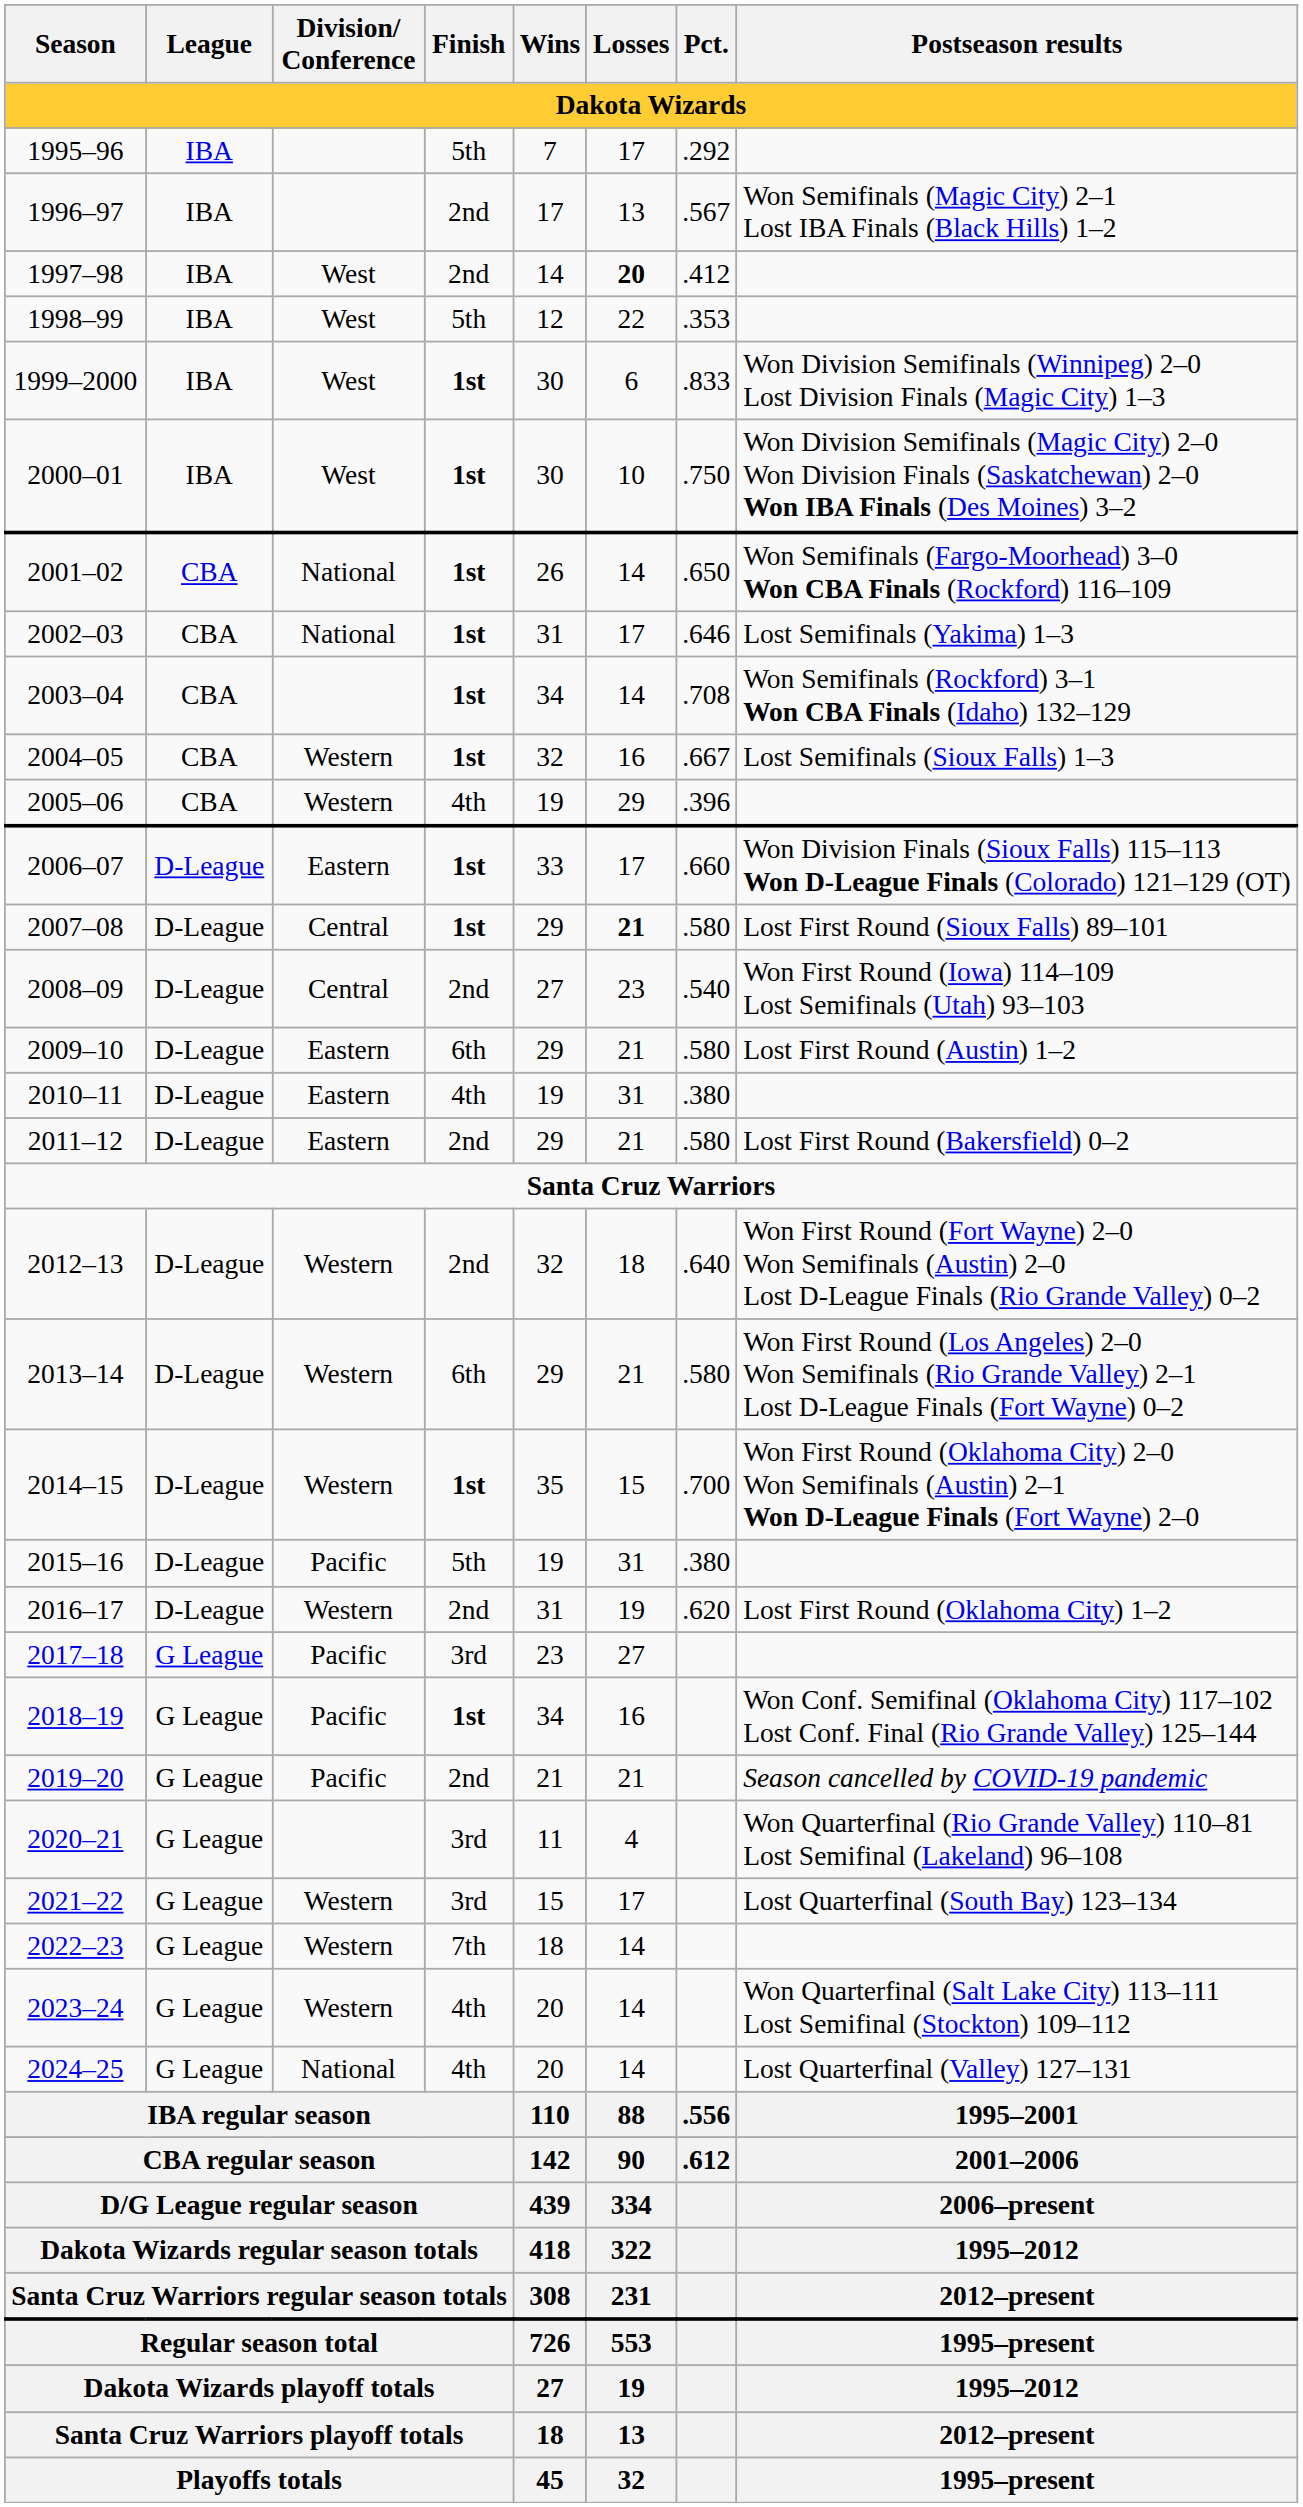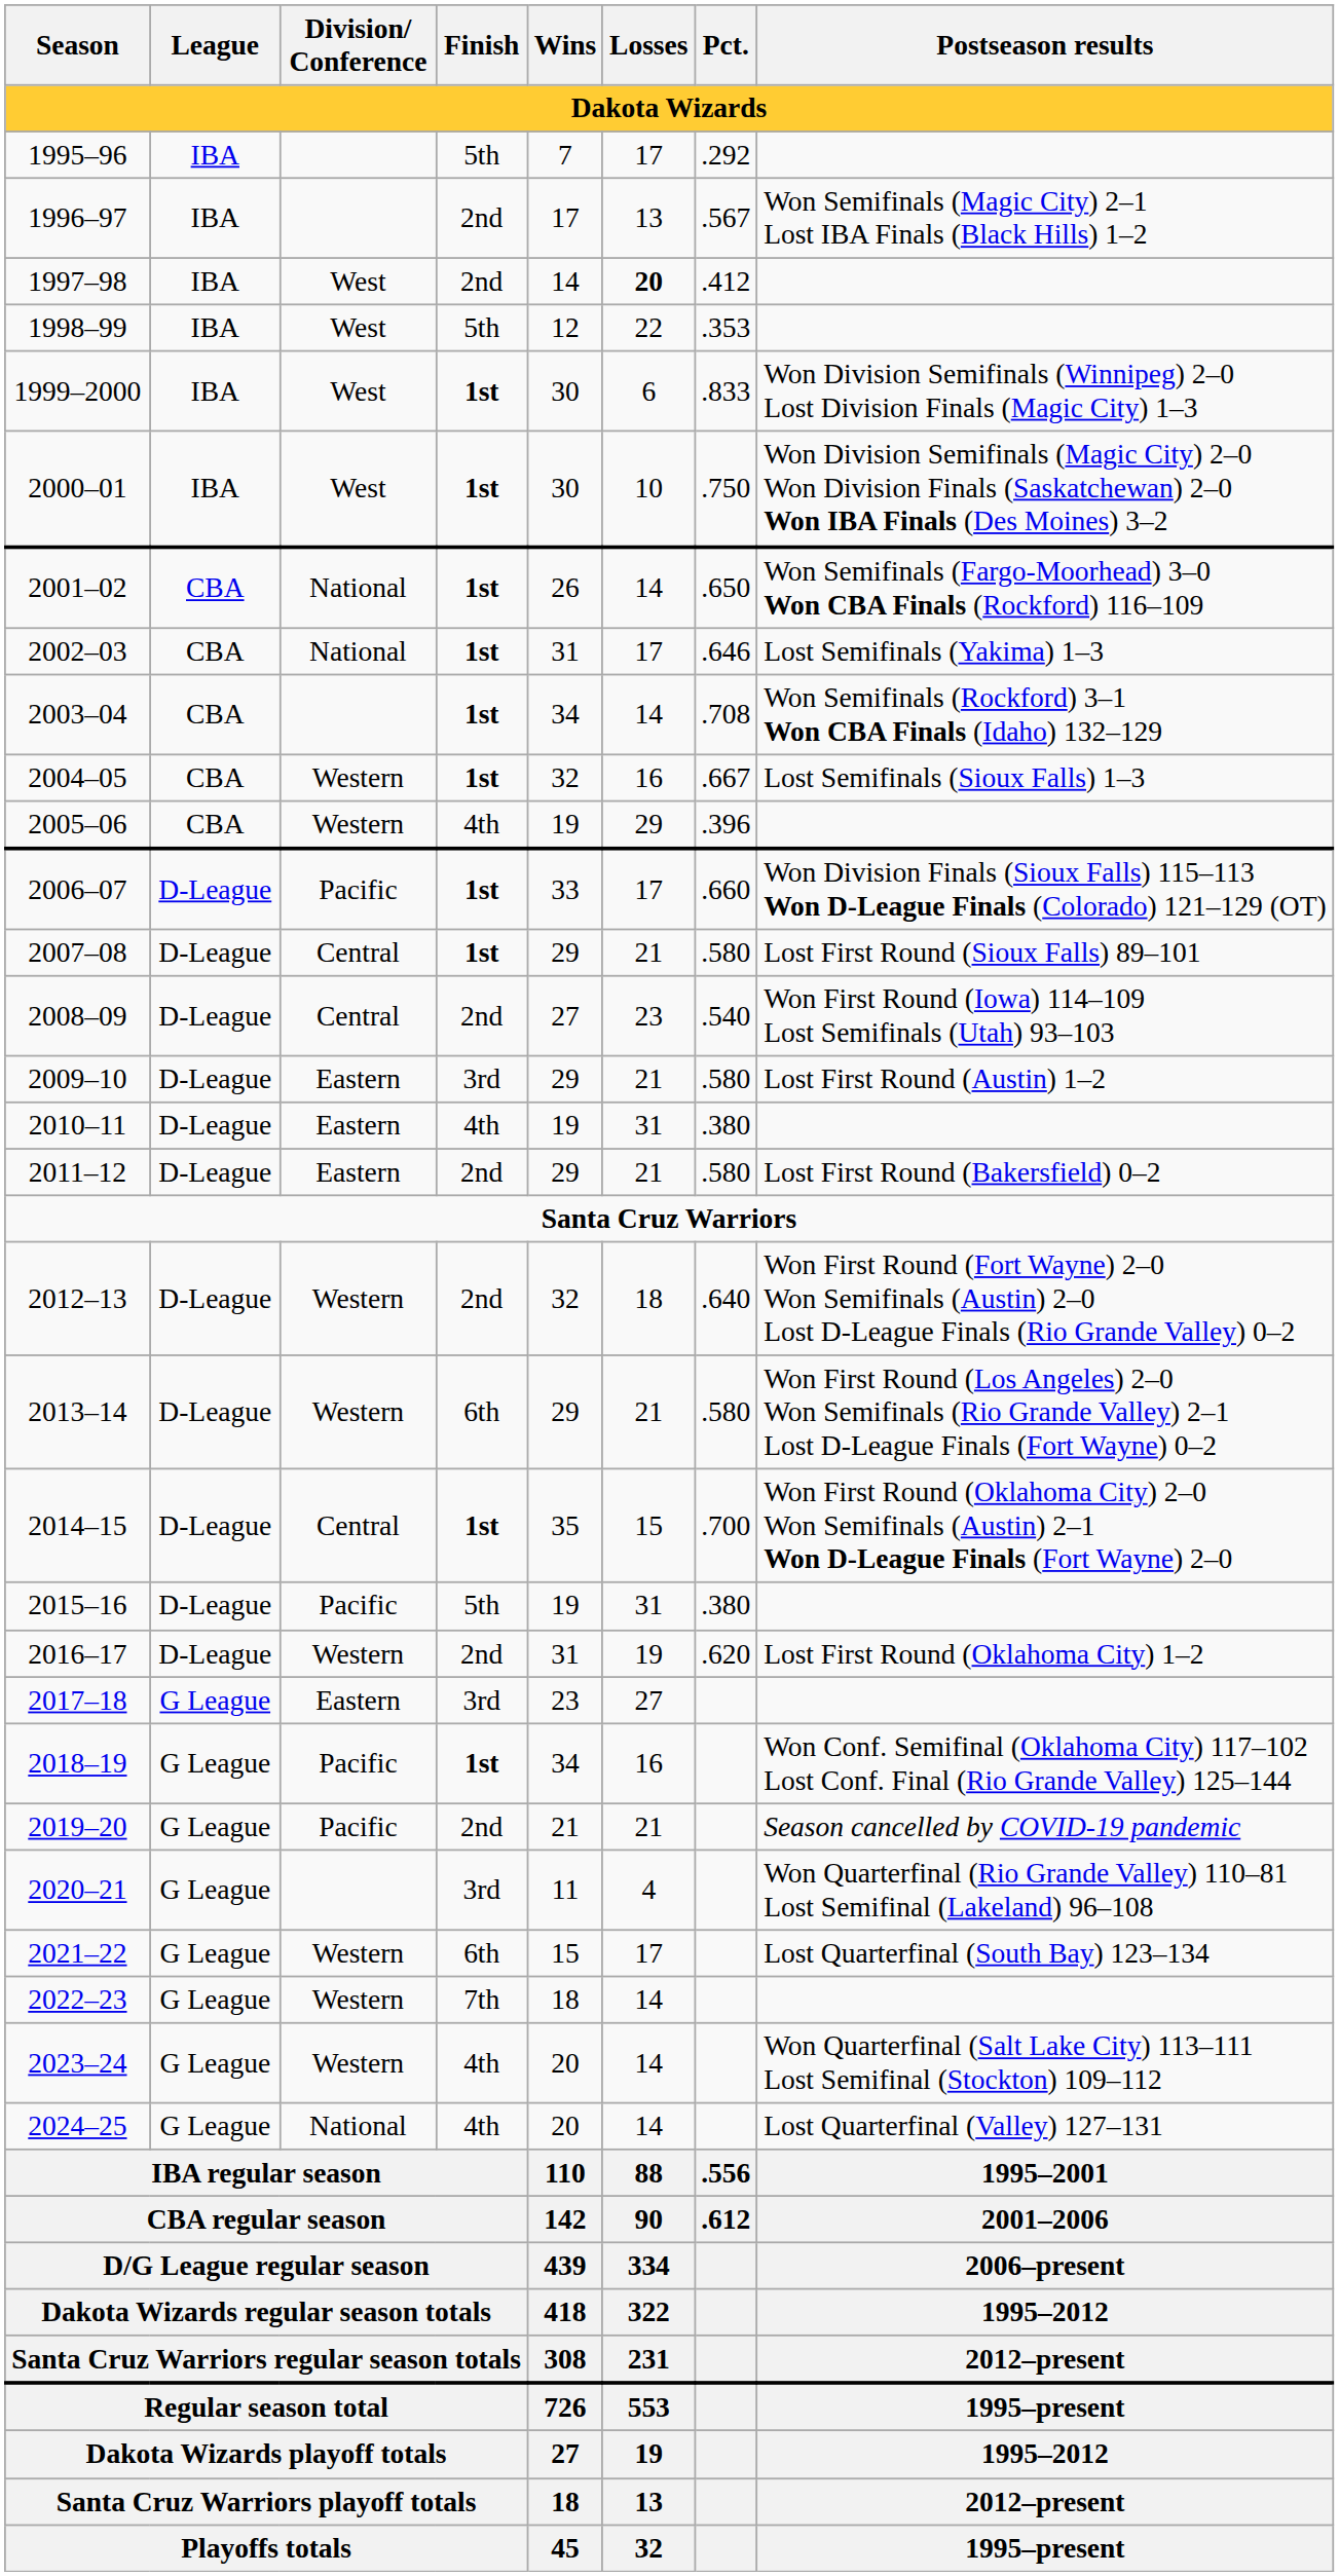 <table class="wikitable" style="font-size:95%; text-align:center">
 <tr>
 <th>Season</th>
 <th>League</th>
 <th>Division/<br>Conference</th>
 <th>Finish</th>
 <th>Wins</th>
 <th>Losses</th>
 <th>Pct.</th>
 <th>Postseason results</th>
 </tr>
 <tr>
 <td colspan=8 bgcolor="#FFCC33"><span><strong>Dakota Wizards</strong></span></td>
 </tr>
 <tr>
 <td>1995–96</td>
 <td><a href='#'>IBA</a></td>
 <td></td>
 <td>5th</td>
 <td>7</td>
 <td>17</td>
 <td>.292</td>
 <td></td>
 </tr>
 <tr>
 <td>1996–97</td>
 <td>IBA</td>
 <td></td>
 <td>2nd</td>
 <td>17</td>
 <td>13</td>
 <td>.567</td>
 <td align=left>Won Semifinals (<a href='#'>Magic City</a>) 2–1<br>Lost IBA Finals (<a href='#'>Black Hills</a>) 1–2</td>
 </tr>
 <tr>
 <td>1997–98</td>
 <td>IBA</td>
 <td>West</td>
 <td>2nd</td>
 <td>14</td>
 <td><strong>20</strong></td>
 <td>.412</td>
 <td></td>
 </tr>
 <tr>
 <td>1998–99</td>
 <td>IBA</td>
 <td>West</td>
 <td>5th</td>
 <td>12</td>
 <td>22</td>
 <td>.353</td>
 <td></td>
 </tr>
 <tr>
 <td>1999–2000</td>
 <td>IBA</td>
 <td>West</td>
 <td><strong>1st</strong></td>
 <td>30</td>
 <td>6</td>
 <td>.833</td>
 <td align=left>Won Division Semifinals (<a href='#'>Winnipeg</a>) 2–0<br>Lost Division Finals (<a href='#'>Magic City</a>) 1–3</td>
 </tr>
 <tr>
 <td>2000–01</td>
 <td>IBA</td>
 <td>West</td>
 <td><strong>1st</strong></td>
 <td>30</td>
 <td>10</td>
 <td>.750</td>
 <td align=left>Won Division Semifinals (<a href='#'>Magic City</a>) 2–0<br>Won Division Finals (<a href='#'>Saskatchewan</a>) 2–0<br><strong>Won IBA Finals</strong> (<a href='#'>Des Moines</a>) 3–2</td>
 </tr>
 <tr style="border-top:2px solid black">
 <td>2001–02</td>
 <td><a href='#'>CBA</a></td>
 <td>National</td>
 <td><strong>1st</strong></td>
 <td>26</td>
 <td>14</td>
 <td>.650</td>
 <td align=left>Won Semifinals (<a href='#'>Fargo-Moorhead</a>) 3–0<br><strong>Won CBA Finals</strong> (<a href='#'>Rockford</a>) 116–109</td>
 </tr>
 <tr>
 <td>2002–03</td>
 <td>CBA</td>
 <td>National</td>
 <td><strong>1st</strong></td>
 <td>31</td>
 <td>17</td>
 <td>.646</td>
 <td align=left>Lost Semifinals (<a href='#'>Yakima</a>) 1–3</td>
 </tr>
 <tr>
 <td>2003–04</td>
 <td>CBA</td>
 <td></td>
 <td><strong>1st</strong></td>
 <td>34</td>
 <td>14</td>
 <td>.708</td>
 <td align=left>Won Semifinals (<a href='#'>Rockford</a>) 3–1<br><strong>Won CBA Finals</strong> (<a href='#'>Idaho</a>) 132–129</td>
 </tr>
 <tr>
 <td>2004–05</td>
 <td>CBA</td>
 <td>Western</td>
 <td><strong>1st</strong></td>
 <td>32</td>
 <td>16</td>
 <td>.667</td>
 <td align=left>Lost Semifinals (<a href='#'>Sioux Falls</a>) 1–3</td>
 </tr>
 <tr>
 <td>2005–06</td>
 <td>CBA</td>
 <td>Western</td>
 <td>4th</td>
 <td>19</td>
 <td>29</td>
 <td>.396</td>
 <td></td>
 </tr>
 <tr style="border-top:2px solid black">
 <td>2006–07</td>
 <td><a href='#'>D-League</a></td>
-<td>Eastern</td>
+<td>Pacific</td>
 <td><strong>1st</strong></td>
 <td>33</td>
 <td>17</td>
 <td>.660</td>
 <td align=left>Won Division Finals (<a href='#'>Sioux Falls</a>) 115–113<br><strong>Won D-League Finals</strong> (<a href='#'>Colorado</a>) 121–129 (OT)</td>
 </tr>
 <tr>
 <td>2007–08</td>
 <td>D-League</td>
 <td>Central</td>
 <td><strong>1st</strong></td>
 <td>29</td>
-<td><strong>21</strong></td>
+<td>21</td>
 <td>.580</td>
 <td align=left>Lost First Round (<a href='#'>Sioux Falls</a>) 89–101</td>
 </tr>
 <tr>
 <td>2008–09</td>
 <td>D-League</td>
 <td>Central</td>
 <td>2nd</td>
 <td>27</td>
 <td>23</td>
 <td>.540</td>
 <td align=left>Won First Round (<a href='#'>Iowa</a>) 114–109<br>Lost Semifinals (<a href='#'>Utah</a>) 93–103</td>
 </tr>
 <tr>
 <td>2009–10</td>
 <td>D-League</td>
 <td>Eastern</td>
-<td>6th</td>
+<td>3rd</td>
 <td>29</td>
 <td>21</td>
 <td>.580</td>
 <td align=left>Lost First Round (<a href='#'>Austin</a>) 1–2</td>
 </tr>
 <tr>
 <td>2010–11</td>
 <td>D-League</td>
 <td>Eastern</td>
 <td>4th</td>
 <td>19</td>
 <td>31</td>
 <td>.380</td>
 <td></td>
 </tr>
 <tr>
 <td>2011–12</td>
 <td>D-League</td>
 <td>Eastern</td>
 <td>2nd</td>
 <td>29</td>
 <td>21</td>
 <td>.580</td>
 <td align=left>Lost First Round (<a href='#'>Bakersfield</a>) 0–2</td>
 </tr>
 <tr>
 <td colspan=8><strong>Santa Cruz Warriors</strong></td>
 </tr>
 <tr>
 <td>2012–13</td>
 <td>D-League</td>
 <td>Western</td>
 <td>2nd</td>
 <td>32</td>
 <td>18</td>
 <td>.640</td>
 <td align=left>Won First Round (<a href='#'>Fort Wayne</a>) 2–0<br>Won Semifinals (<a href='#'>Austin</a>) 2–0<br>Lost D-League Finals (<a href='#'>Rio Grande Valley</a>) 0–2</td>
 </tr>
 <tr>
 <td>2013–14</td>
 <td>D-League</td>
 <td>Western</td>
 <td>6th</td>
 <td>29</td>
 <td>21</td>
 <td>.580</td>
 <td align=left>Won First Round (<a href='#'>Los Angeles</a>) 2–0<br>Won Semifinals (<a href='#'>Rio Grande Valley</a>) 2–1<br>Lost D-League Finals (<a href='#'>Fort Wayne</a>) 0–2</td>
 </tr>
 <tr>
 <td>2014–15</td>
 <td>D-League</td>
-<td>Western</td>
+<td>Central</td>
 <td><strong>1st</strong></td>
 <td>35</td>
 <td>15</td>
 <td>.700</td>
 <td align=left>Won First Round (<a href='#'>Oklahoma City</a>) 2–0<br>Won Semifinals (<a href='#'>Austin</a>) 2–1<br><strong>Won D-League Finals</strong> (<a href='#'>Fort Wayne</a>) 2–0</td>
 </tr>
 <tr>
 <td>2015–16</td>
 <td>D-League</td>
 <td>Pacific</td>
 <td>5th</td>
 <td>19</td>
 <td>31</td>
 <td>.380</td>
 <td></td>
 </tr>
 <tr>
 <td>2016–17</td>
 <td>D-League</td>
 <td>Western</td>
 <td>2nd</td>
 <td>31</td>
 <td>19</td>
 <td>.620</td>
 <td align=left>Lost First Round (<a href='#'>Oklahoma City</a>) 1–2</td>
 </tr>
 <tr>
 <td><a href='#'>2017–18</a></td>
 <td><a href='#'>G League</a></td>
-<td>Pacific</td>
+<td>Eastern</td>
 <td>3rd</td>
 <td>23</td>
 <td>27</td>
 <td></td>
 <td align=left></td>
 </tr>
 <tr>
 <td><a href='#'>2018–19</a></td>
 <td>G League</td>
 <td>Pacific</td>
 <td><strong>1st</strong></td>
 <td>34</td>
 <td>16</td>
 <td></td>
 <td align=left>Won Conf. Semifinal (<a href='#'>Oklahoma City</a>) 117–102<br>Lost Conf. Final (<a href='#'>Rio Grande Valley</a>) 125–144</td>
 </tr>
 <tr>
 <td><a href='#'>2019–20</a></td>
 <td>G League</td>
 <td>Pacific</td>
 <td>2nd</td>
 <td>21</td>
 <td>21</td>
 <td></td>
 <td align=left><em>Season cancelled by <a href='#'>COVID-19 pandemic</a></em></td>
 </tr>
 <tr>
 <td><a href='#'>2020–21</a></td>
 <td>G League</td>
 <td></td>
 <td>3rd</td>
 <td>11</td>
 <td>4</td>
 <td></td>
 <td align=left>Won Quarterfinal (<a href='#'>Rio Grande Valley</a>) 110–81<br>Lost Semifinal (<a href='#'>Lakeland</a>) 96–108</td>
 </tr>
 <tr>
 <td><a href='#'>2021–22</a></td>
 <td>G League</td>
 <td>Western</td>
-<td>3rd</td>
+<td>6th</td>
 <td>15</td>
 <td>17</td>
 <td></td>
 <td align=left>Lost Quarterfinal (<a href='#'>South Bay</a>) 123–134</td>
 </tr>
 <tr>
 <td><a href='#'>2022–23</a></td>
 <td>G League</td>
 <td>Western</td>
 <td>7th</td>
 <td>18</td>
 <td>14</td>
 <td></td>
 <td></td>
 </tr>
 <tr>
 <td><a href='#'>2023–24</a></td>
 <td>G League</td>
 <td>Western</td>
 <td>4th</td>
 <td>20</td>
 <td>14</td>
 <td></td>
 <td align=left>Won Quarterfinal (<a href='#'>Salt Lake City</a>) 113–111<br>Lost Semifinal (<a href='#'>Stockton</a>) 109–112</td>
 </tr>
 <tr>
 <td><a href='#'>2024–25</a></td>
 <td>G League</td>
 <td>National</td>
 <td>4th</td>
 <td>20</td>
 <td>14</td>
 <td></td>
 <td align=left>Lost Quarterfinal (<a href='#'>Valley</a>) 127–131</td>
 </tr>
 <tr>
 <th colspan=4>IBA regular season</th>
 <th>110</th>
 <th>88</th>
 <th>.556</th>
 <th>1995–2001</th>
 </tr>
 <tr>
 <th colspan=4>CBA regular season</th>
 <th>142</th>
 <th>90</th>
 <th>.612</th>
 <th>2001–2006</th>
 </tr>
 <tr>
 <th colspan=4>D/G League regular season</th>
 <th>439</th>
 <th>334</th>
 <th></th>
 <th>2006–present</th>
 </tr>
 <tr>
 <th colspan=4>Dakota Wizards regular season totals</th>
 <th>418</th>
 <th>322</th>
 <th></th>
 <th>1995–2012</th>
 </tr>
 <tr>
 <th colspan=4>Santa Cruz Warriors regular season totals</th>
 <th>308</th>
 <th>231</th>
 <th></th>
 <th>2012–present</th>
 </tr>
 <tr style="border-top:2px solid black">
 <th colspan=4>Regular season total</th>
 <th>726</th>
 <th>553</th>
 <th></th>
 <th>1995–present</th>
 </tr>
 <tr>
 <th colspan=4>Dakota Wizards playoff totals</th>
 <th>27</th>
 <th>19</th>
 <th></th>
 <th>1995–2012</th>
 </tr>
 <tr>
 <th colspan=4>Santa Cruz Warriors playoff totals</th>
 <th>18</th>
 <th>13</th>
 <th></th>
 <th>2012–present</th>
 </tr>
 <tr>
 <th colspan=4>Playoffs totals</th>
 <th>45</th>
 <th>32</th>
 <th></th>
 <th>1995–present</th>
 </tr>
 </table>
